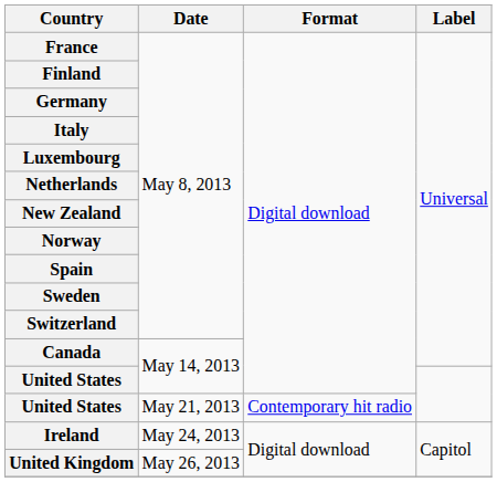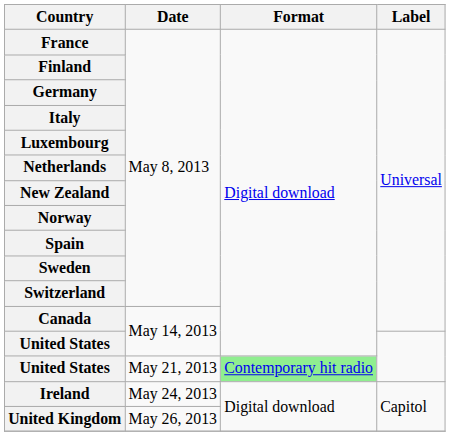 <table class="wikitable plainrowheaders">
 <tr>
 <th scope="col">Country</th>
 <th scope="col">Date</th>
 <th scope="col">Format</th>
 <th scope="col">Label</th>
 </tr>
 <tr>
 <th scope="row">France</th>
 <td rowspan="11">May 8, 2013</td>
 <td rowspan="13"><a href='#'>Digital download</a></td>
 <td rowspan="12"><a href='#'>Universal</a></td>
 </tr>
 <tr>
 <th scope="row">Finland</th>
 </tr>
 <tr>
 <th scope="row">Germany</th>
 </tr>
 <tr>
 <th scope="row">Italy</th>
 </tr>
 <tr>
 <th scope="row">Luxembourg</th>
 </tr>
 <tr>
 <th scope="row">Netherlands</th>
 </tr>
 <tr>
 <th scope="row">New Zealand</th>
 </tr>
 <tr>
 <th scope="row">Norway</th>
 </tr>
 <tr>
 <th scope="row">Spain</th>
 </tr>
 <tr>
 <th scope="row">Sweden</th>
 </tr>
 <tr>
 <th scope="row">Switzerland</th>
 </tr>
 <tr>
 <th scope="row">Canada</th>
 <td rowspan="2">May 14, 2013</td>
 </tr>
 <tr>
 <th scope="row">United States</th>
 <td rowspan="2"></td>
 </tr>
 <tr>
 <th scope="row">United States</th>
 <td>May 21, 2013</td>
-<td><a href='#'>Contemporary hit radio</a></td>
+<td style="background: lightgreen;"><a href='#'>Contemporary hit radio</a></td>
 </tr>
 <tr>
 <th scope="row">Ireland</th>
 <td>May 24, 2013</td>
 <td rowspan="2">Digital download</td>
 <td rowspan="2">Capitol</td>
 </tr>
 <tr>
 <th scope="row">United Kingdom</th>
 <td>May 26, 2013</td>
 </tr>
 <tr>
 </tr>
 </table>
